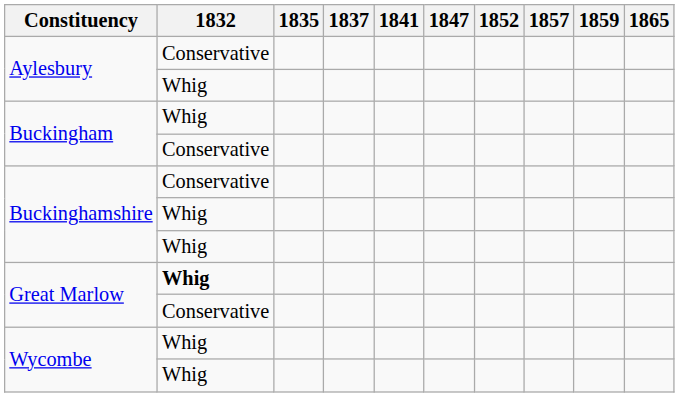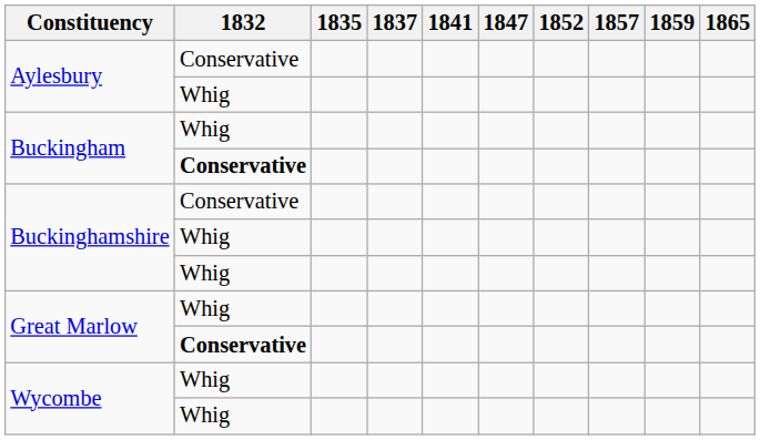 <table class=wikitable sortable>
 <tr>
 <th>Constituency</th>
 <th>1832</th>
 <th>1835</th>
 <th>1837</th>
 <th>1841</th>
 <th>1847</th>
 <th>1852</th>
 <th>1857</th>
 <th>1859</th>
 <th>1865</th>
 </tr>
 <tr>
 <td rowspan=2><a href='#'>Aylesbury</a></td>
 <td bgcolor=>Conservative</td>
 <td></td>
 <td></td>
 <td></td>
 <td></td>
 <td></td>
 <td></td>
 <td></td>
 <td></td>
 </tr>
 <tr>
 <td bgcolor=>Whig</td>
 <td></td>
 <td></td>
 <td></td>
 <td></td>
 <td></td>
 <td></td>
 <td></td>
 <td></td>
 </tr>
 <tr>
 <td rowspan=2><a href='#'>Buckingham</a></td>
 <td bgcolor=>Whig</td>
 <td></td>
 <td></td>
 <td></td>
 <td></td>
 <td></td>
 <td></td>
 <td></td>
 <td></td>
 </tr>
 <tr>
-<td bgcolor=>Conservative</td>
+<td bgcolor=><strong>Conservative</strong></td>
 <td></td>
 <td></td>
 <td></td>
 <td></td>
 <td></td>
 <td></td>
 <td></td>
 <td></td>
 </tr>
 <tr>
 <td rowspan=3><a href='#'>Buckinghamshire</a></td>
 <td bgcolor=>Conservative</td>
 <td></td>
 <td></td>
 <td></td>
 <td></td>
 <td></td>
 <td></td>
 <td></td>
 <td></td>
 </tr>
 <tr>
 <td bgcolor=>Whig</td>
 <td></td>
 <td></td>
 <td></td>
 <td></td>
 <td></td>
 <td></td>
 <td></td>
 <td></td>
 </tr>
 <tr>
 <td bgcolor=>Whig</td>
 <td></td>
 <td></td>
 <td></td>
 <td></td>
 <td></td>
 <td></td>
 <td></td>
 <td></td>
 </tr>
 <tr>
 <td rowspan=2><a href='#'>Great Marlow</a></td>
-<td bgcolor=><strong>Whig</strong></td>
+<td bgcolor=>Whig</td>
 <td></td>
 <td></td>
 <td></td>
 <td></td>
 <td></td>
 <td></td>
 <td></td>
 <td></td>
 </tr>
 <tr>
-<td bgcolor=>Conservative</td>
+<td bgcolor=><strong>Conservative</strong></td>
 <td></td>
 <td></td>
 <td></td>
 <td></td>
 <td></td>
 <td></td>
 <td></td>
 <td></td>
 </tr>
 <tr>
 <td rowspan=2><a href='#'>Wycombe</a></td>
 <td bgcolor=>Whig</td>
 <td></td>
 <td></td>
 <td></td>
 <td></td>
 <td></td>
 <td></td>
 <td></td>
 <td></td>
 </tr>
 <tr>
 <td bgcolor=>Whig</td>
 <td></td>
 <td></td>
 <td></td>
 <td></td>
 <td></td>
 <td></td>
 <td></td>
 <td></td>
 </tr>
 </table>
